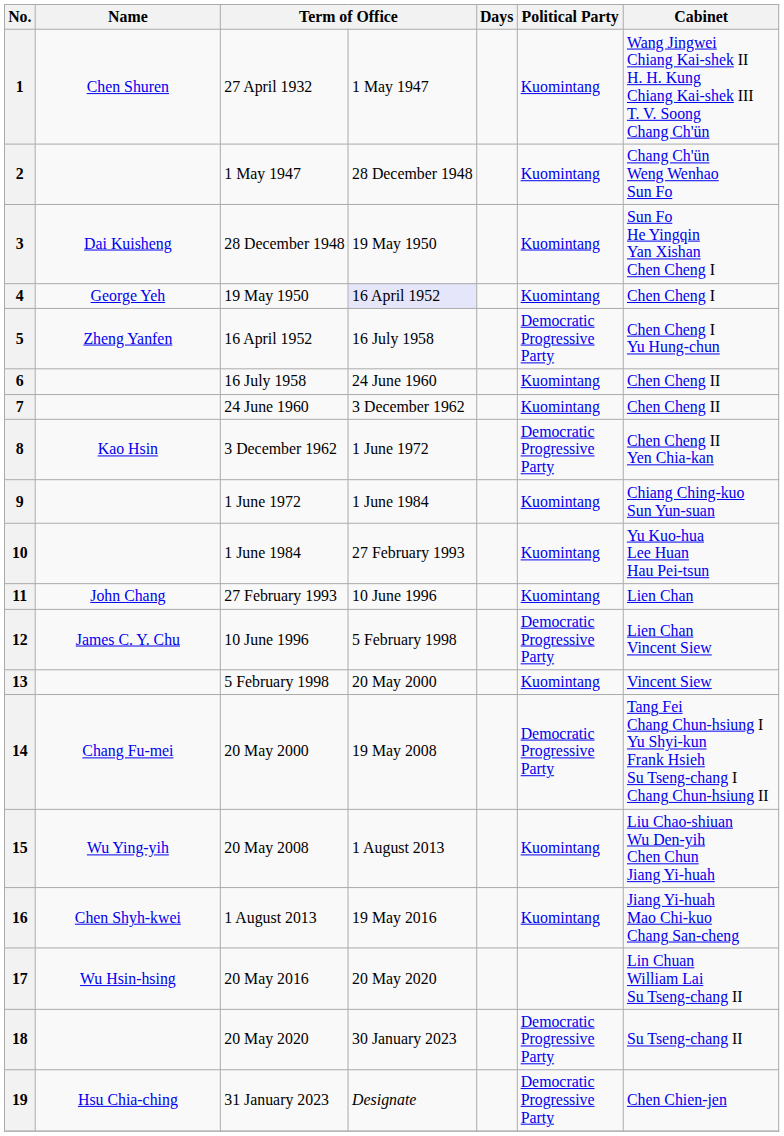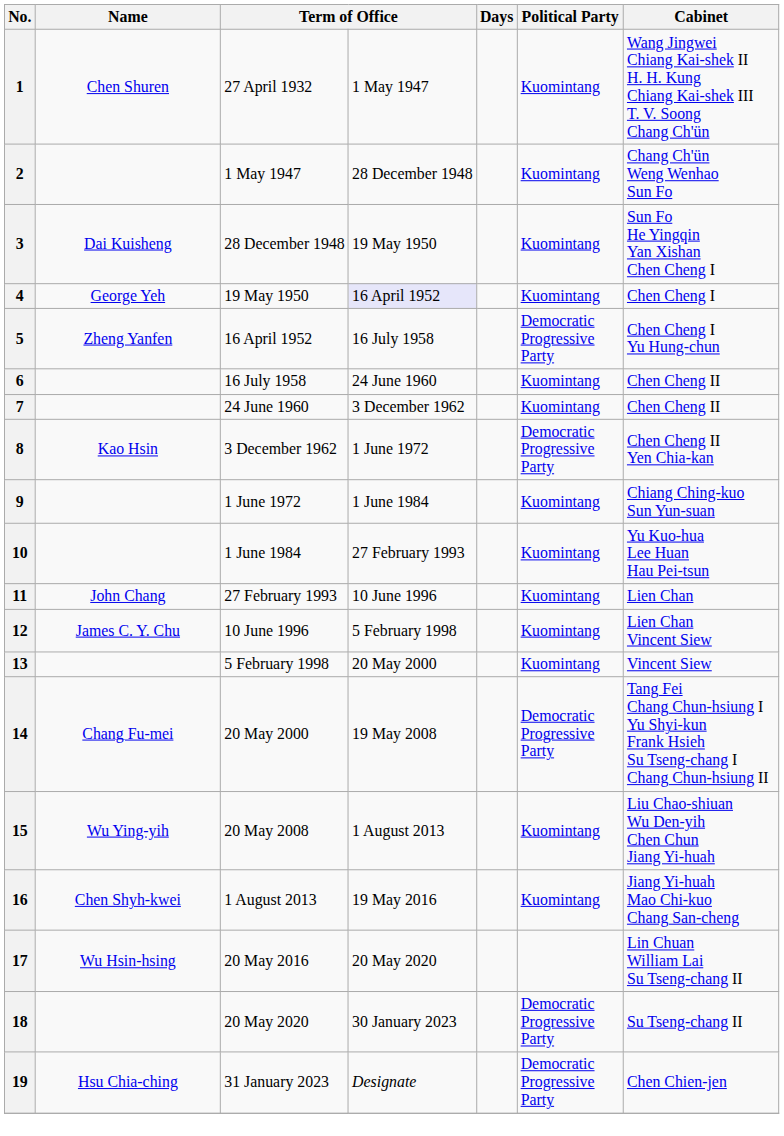 <table class="wikitable">
 <tr ->
 <th>No.</th>
 <th width="180">Name</th>
 <th colspan=2 width="180">Term of Office</th>
 <th>Days</th>
 <th width="100">Political Party</th>
 <th width="150">Cabinet</th>
 </tr>
 <tr ->
 <th style="background:">1</th>
 <td align=center><a href='#'>Chen Shuren</a><br></td>
 <td>27 April 1932</td>
 <td>1 May 1947</td>
 <td></td>
 <td><a href='#'>Kuomintang</a></td>
 <td><a href='#'>Wang Jingwei</a><br><a href='#'>Chiang Kai-shek</a> II<br><a href='#'>H. H. Kung</a><br><a href='#'>Chiang Kai-shek</a> III<br><a href='#'>T. V. Soong</a><br><a href='#'>Chang Ch'ün</a></td>
 </tr>
 <tr ->
 <th style="background:">2</th>
 <td align=center><br></td>
 <td>1 May 1947</td>
 <td>28 December 1948</td>
 <td></td>
 <td><a href='#'>Kuomintang</a></td>
 <td><a href='#'>Chang Ch'ün</a><br><a href='#'>Weng Wenhao</a><br><a href='#'>Sun Fo</a></td>
 </tr>
 <tr ->
 <th style="background:">3</th>
 <td align=center><a href='#'>Dai Kuisheng</a><br></td>
 <td>28 December 1948</td>
 <td>19 May 1950</td>
 <td></td>
 <td><a href='#'>Kuomintang</a></td>
 <td><a href='#'>Sun Fo</a><br><a href='#'>He Yingqin</a><br><a href='#'>Yan Xishan</a><br><a href='#'>Chen Cheng</a> I</td>
 </tr>
 <tr ->
 <th style="background:">4</th>
 <td align=center><a href='#'>George Yeh</a><br></td>
 <td>19 May 1950</td>
 <td style="background: lavender;">16 April 1952</td>
 <td></td>
 <td><a href='#'>Kuomintang</a></td>
 <td><a href='#'>Chen Cheng</a> I</td>
 </tr>
 <tr ->
 <th style="background:">5</th>
 <td align=center><a href='#'>Zheng Yanfen</a><br></td>
 <td>16 April 1952</td>
 <td>16 July 1958</td>
 <td></td>
 <td><a href='#'>Democratic Progressive Party</a></td>
 <td><a href='#'>Chen Cheng</a> I<br><a href='#'>Yu Hung-chun</a></td>
 </tr>
 <tr ->
 <th style="background:">6</th>
 <td align=center><br></td>
 <td>16 July 1958</td>
 <td>24 June 1960</td>
 <td></td>
 <td><a href='#'>Kuomintang</a></td>
 <td><a href='#'>Chen Cheng</a> II</td>
 </tr>
 <tr ->
 <th style="background:">7</th>
 <td align=center><br></td>
 <td>24 June 1960</td>
 <td>3 December 1962</td>
 <td></td>
 <td><a href='#'>Kuomintang</a></td>
 <td><a href='#'>Chen Cheng</a> II</td>
 </tr>
 <tr ->
 <th style="background:">8</th>
 <td align=center><a href='#'>Kao Hsin</a><br></td>
 <td>3 December 1962</td>
 <td>1 June 1972</td>
 <td></td>
 <td><a href='#'>Democratic Progressive Party</a></td>
 <td><a href='#'>Chen Cheng</a> II<br><a href='#'>Yen Chia-kan</a></td>
 </tr>
 <tr ->
 <th style="background:">9</th>
 <td align=center><br></td>
 <td>1 June 1972</td>
 <td>1 June 1984</td>
 <td></td>
 <td><a href='#'>Kuomintang</a></td>
 <td><a href='#'>Chiang Ching-kuo</a><br><a href='#'>Sun Yun-suan</a></td>
 </tr>
 <tr ->
 <th style="background:">10</th>
 <td align=center><br></td>
 <td>1 June 1984</td>
 <td>27 February 1993</td>
 <td></td>
 <td><a href='#'>Kuomintang</a></td>
 <td><a href='#'>Yu Kuo-hua</a><br><a href='#'>Lee Huan</a><br><a href='#'>Hau Pei-tsun</a></td>
 </tr>
 <tr ->
 <th style="background:">11</th>
 <td align=center><a href='#'>John Chang</a><br></td>
 <td>27 February 1993</td>
 <td>10 June 1996</td>
 <td></td>
 <td><a href='#'>Kuomintang</a></td>
 <td><a href='#'>Lien Chan</a></td>
 </tr>
 <tr ->
 <th style="background:">12</th>
 <td align=center><a href='#'>James C. Y. Chu</a><br></td>
 <td>10 June 1996</td>
 <td>5 February 1998</td>
 <td></td>
-<td><a href='#'>Democratic Progressive Party</a></td>
+<td><a href='#'>Kuomintang</a></td>
 <td><a href='#'>Lien Chan</a><br><a href='#'>Vincent Siew</a></td>
 </tr>
 <tr ->
 <th style="background:">13</th>
 <td align=center><br></td>
 <td>5 February 1998</td>
 <td>20 May 2000</td>
 <td></td>
 <td><a href='#'>Kuomintang</a></td>
 <td><a href='#'>Vincent Siew</a></td>
 </tr>
 <tr ->
 <th style="background:">14</th>
 <td align=center><a href='#'>Chang Fu-mei</a><br></td>
 <td>20 May 2000</td>
 <td>19 May 2008</td>
 <td></td>
 <td><a href='#'>Democratic Progressive Party</a></td>
 <td><a href='#'>Tang Fei</a><br><a href='#'>Chang Chun-hsiung</a> I<br><a href='#'>Yu Shyi-kun</a><br><a href='#'>Frank Hsieh</a><br><a href='#'>Su Tseng-chang</a> I<br><a href='#'>Chang Chun-hsiung</a> II</td>
 </tr>
 <tr ->
 <th style="background:">15</th>
 <td align=center><a href='#'>Wu Ying-yih</a><br></td>
 <td>20 May 2008</td>
 <td>1 August 2013</td>
 <td></td>
 <td><a href='#'>Kuomintang</a></td>
 <td><a href='#'>Liu Chao-shiuan</a><br><a href='#'>Wu Den-yih</a><br><a href='#'>Chen Chun</a><br><a href='#'>Jiang Yi-huah</a></td>
 </tr>
 <tr ->
 <th style="background:">16</th>
 <td align=center><a href='#'>Chen Shyh-kwei</a><br></td>
 <td>1 August 2013</td>
 <td>19 May 2016</td>
 <td></td>
 <td><a href='#'>Kuomintang</a></td>
 <td><a href='#'>Jiang Yi-huah</a><br><a href='#'>Mao Chi-kuo</a><br><a href='#'>Chang San-cheng</a></td>
 </tr>
 <tr ->
 <th style="background:">17</th>
 <td align=center><a href='#'>Wu Hsin-hsing</a><br></td>
 <td>20 May 2016</td>
 <td>20 May 2020</td>
 <td></td>
 <td></td>
 <td><a href='#'>Lin Chuan</a><br><a href='#'>William Lai</a><br><a href='#'>Su Tseng-chang</a> II</td>
 </tr>
 <tr ->
 <th style="background:">18</th>
 <td align=center><br></td>
 <td>20 May 2020</td>
 <td>30 January 2023</td>
 <td></td>
 <td><a href='#'>Democratic Progressive Party</a></td>
 <td><a href='#'>Su Tseng-chang</a> II</td>
 </tr>
 <tr ->
 <th style="background:">19</th>
 <td align=center><a href='#'>Hsu Chia-ching</a><br></td>
 <td>31 January 2023</td>
 <td><em>Designate</em></td>
 <td></td>
 <td><a href='#'>Democratic Progressive Party</a></td>
 <td><a href='#'>Chen Chien-jen</a></td>
 </tr>
 <tr ->
 </tr>
 </table>
